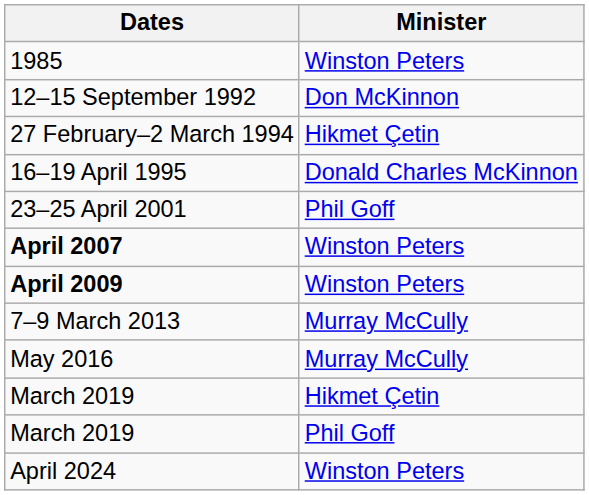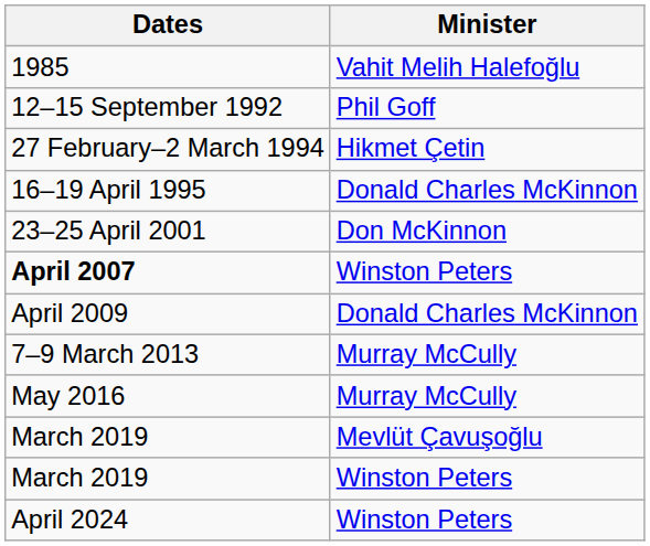 <table class=wikitable>
 <tr>
 <th>Dates</th>
 <th>Minister</th>
 </tr>
 <tr>
 <td>1985</td>
-<td><a href='#'>Winston Peters</a></td>
+<td><a href='#'>Vahit Melih Halefoğlu</a></td>
 </tr>
 <tr>
 <td>12–15 September 1992</td>
-<td><a href='#'>Don McKinnon</a></td>
+<td><a href='#'>Phil Goff</a></td>
 </tr>
 <tr>
 <td>27 February–2 March 1994</td>
 <td><a href='#'>Hikmet Çetin</a></td>
 </tr>
 <tr>
 <td>16–19 April 1995</td>
 <td><a href='#'>Donald Charles McKinnon</a></td>
 </tr>
 <tr>
 <td>23–25 April 2001</td>
-<td><a href='#'>Phil Goff</a></td>
+<td><a href='#'>Don McKinnon</a></td>
 </tr>
 <tr>
 <td><strong>April 2007</strong></td>
 <td><a href='#'>Winston Peters</a></td>
 </tr>
 <tr>
-<td><strong>April 2009</strong></td>
-<td><a href='#'>Winston Peters</a></td>
+<td>April 2009</td>
+<td><a href='#'>Donald Charles McKinnon</a></td>
 </tr>
 <tr>
 <td>7–9 March 2013</td>
 <td><a href='#'>Murray McCully</a></td>
 </tr>
 <tr>
 <td>May 2016</td>
 <td><a href='#'>Murray McCully</a></td>
 </tr>
 <tr>
 <td>March 2019</td>
-<td><a href='#'>Hikmet Çetin</a></td>
+<td><a href='#'>Mevlüt Çavuşoğlu</a></td>
 </tr>
 <tr>
 <td>March 2019</td>
-<td><a href='#'>Phil Goff</a></td>
+<td><a href='#'>Winston Peters</a></td>
 </tr>
 <tr>
 <td>April 2024</td>
 <td><a href='#'>Winston Peters</a></td>
 </tr>
 </table>
